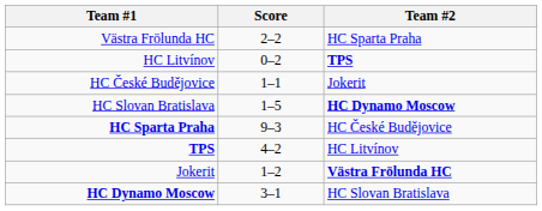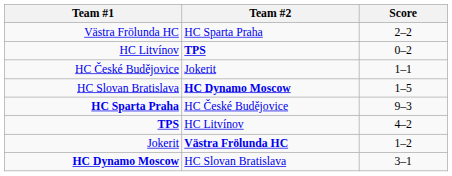 <table class="wikitable" style="text-align: center;">
 <tr>
 <th width=22%>Team #1</th>
+<th width=22%>Team #2</th>
 <th width=11%>Score</th>
-<th width=22%>Team #2</th>
 </tr>
 <tr>
 <td style="text-align: right;"><a href='#'>Västra Frölunda HC</a> </td>
+<td style="text-align: left;"> <a href='#'>HC Sparta Praha</a></td>
 <td>2–2</td>
-<td style="text-align: left;"> <a href='#'>HC Sparta Praha</a></td>
 </tr>
 <tr>
 <td style="text-align: right;"><a href='#'>HC Litvínov</a> </td>
+<td style="text-align: left;"> <strong><a href='#'>TPS</a></strong></td>
 <td>0–2</td>
-<td style="text-align: left;"> <strong><a href='#'>TPS</a></strong></td>
 </tr>
 <tr>
 <td style="text-align: right;"><a href='#'>HC České Budějovice</a> </td>
+<td style="text-align: left;"> <a href='#'>Jokerit</a></td>
 <td>1–1</td>
-<td style="text-align: left;"> <a href='#'>Jokerit</a></td>
 </tr>
 <tr>
 <td style="text-align: right;"><a href='#'>HC Slovan Bratislava</a> </td>
+<td style="text-align: left;"> <strong><a href='#'>HC Dynamo Moscow</a></strong></td>
 <td>1–5</td>
-<td style="text-align: left;"> <strong><a href='#'>HC Dynamo Moscow</a></strong></td>
 </tr>
 <tr>
 <td style="text-align: right;"><strong><a href='#'>HC Sparta Praha</a></strong> </td>
+<td style="text-align: left;"> <a href='#'>HC České Budějovice</a></td>
 <td>9–3</td>
-<td style="text-align: left;"> <a href='#'>HC České Budějovice</a></td>
 </tr>
 <tr>
 <td style="text-align: right;"><strong><a href='#'>TPS</a></strong> </td>
+<td style="text-align: left;"> <a href='#'>HC Litvínov</a></td>
 <td>4–2</td>
-<td style="text-align: left;"> <a href='#'>HC Litvínov</a></td>
 </tr>
 <tr>
 <td style="text-align: right;"><a href='#'>Jokerit</a> </td>
+<td style="text-align: left;"> <strong><a href='#'>Västra Frölunda HC</a></strong></td>
 <td>1–2</td>
-<td style="text-align: left;"> <strong><a href='#'>Västra Frölunda HC</a></strong></td>
 </tr>
 <tr>
 <td style="text-align: right;"><strong><a href='#'>HC Dynamo Moscow</a></strong> </td>
+<td style="text-align: left;"> <a href='#'>HC Slovan Bratislava</a></td>
 <td>3–1</td>
-<td style="text-align: left;"> <a href='#'>HC Slovan Bratislava</a></td>
 </tr>
 </table>
